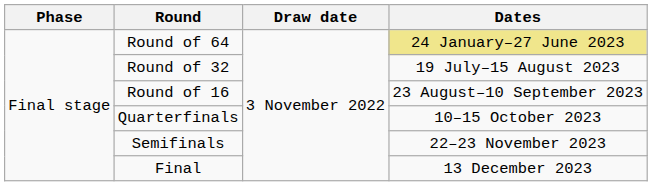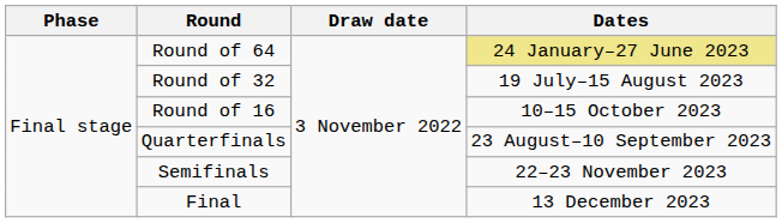 <table class="wikitable" style="text-align:center">
 <tr>
 <th>Phase</th>
 <th>Round</th>
 <th>Draw date</th>
 <th>Dates</th>
 </tr>
 <tr>
 <td rowspan=6>Final stage</td>
 <td>Round of 64</td>
 <td rowspan=6>3 November 2022</td>
 <td style="background: khaki;">24 January–27 June 2023</td>
 </tr>
 <tr>
 <td>Round of 32</td>
 <td>19 July–15 August 2023</td>
 </tr>
 <tr>
 <td>Round of 16</td>
-<td>23 August–10 September 2023</td>
+<td>10–15 October 2023</td>
 </tr>
 <tr>
 <td>Quarterfinals</td>
-<td>10–15 October 2023</td>
+<td>23 August–10 September 2023</td>
 </tr>
 <tr>
 <td>Semifinals</td>
 <td>22–23 November 2023</td>
 </tr>
 <tr>
 <td>Final</td>
 <td>13 December 2023</td>
 </tr>
 </table>
